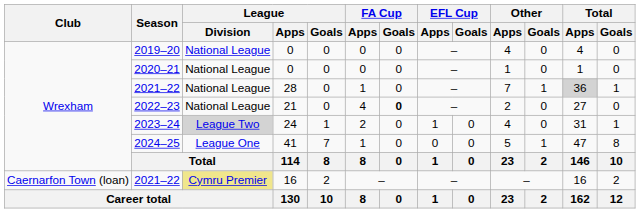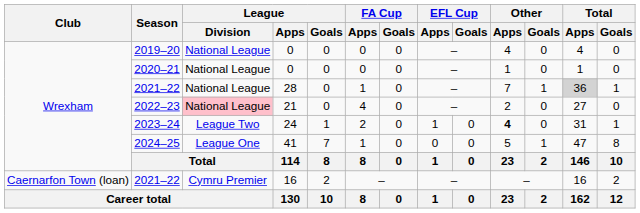 <table class="wikitable" style="text-align:center">
 <tr>
 <th rowspan="2">Club</th>
 <th rowspan="2">Season</th>
 <th colspan="3">League</th>
 <th colspan="2"><a href='#'>FA Cup</a></th>
 <th colspan="2"><a href='#'>EFL Cup</a></th>
 <th colspan="2">Other</th>
 <th colspan="2">Total</th>
 </tr>
 <tr>
 <th>Division</th>
 <th>Apps</th>
 <th>Goals</th>
 <th>Apps</th>
 <th>Goals</th>
 <th>Apps</th>
 <th>Goals</th>
 <th>Apps</th>
 <th>Goals</th>
 <th>Apps</th>
 <th>Goals</th>
 </tr>
 <tr>
 <td rowspan="7"><a href='#'>Wrexham</a></td>
 <td><a href='#'>2019–20</a></td>
 <td><a href='#'>National League</a></td>
 <td>0</td>
 <td>0</td>
 <td>0</td>
 <td>0</td>
 <td colspan="2">–</td>
 <td>4</td>
 <td>0</td>
 <td>4</td>
 <td>0</td>
 </tr>
 <tr>
 <td><a href='#'>2020–21</a></td>
 <td>National League</td>
 <td>0</td>
 <td>0</td>
 <td>0</td>
 <td>0</td>
 <td colspan="2">–</td>
 <td>1</td>
 <td>0</td>
 <td>1</td>
 <td>0</td>
 </tr>
 <tr>
 <td><a href='#'>2021–22</a></td>
 <td>National League</td>
 <td>28</td>
 <td>0</td>
 <td>1</td>
 <td>0</td>
 <td colspan="2">–</td>
 <td>7</td>
 <td>1</td>
 <td style="background: lightgrey;">36</td>
 <td>1</td>
 </tr>
 <tr>
 <td><a href='#'>2022–23</a></td>
-<td>National League</td>
+<td style="background: pink;">National League</td>
 <td>21</td>
 <td>0</td>
 <td>4</td>
-<td><strong>0</strong></td>
+<td>0</td>
 <td colspan="2">–</td>
 <td>2</td>
 <td>0</td>
 <td>27</td>
 <td>0</td>
 </tr>
 <tr>
 <td><a href='#'>2023–24</a></td>
-<td style="background: lightgrey;"><a href='#'>League Two</a></td>
+<td><a href='#'>League Two</a></td>
 <td>24</td>
 <td>1</td>
 <td>2</td>
 <td>0</td>
 <td>1</td>
 <td>0</td>
-<td>4</td>
+<td><strong>4</strong></td>
 <td>0</td>
 <td>31</td>
 <td>1</td>
 </tr>
 <tr>
 <td><a href='#'>2024–25</a></td>
 <td><a href='#'>League One</a></td>
 <td>41</td>
 <td>7</td>
 <td>1</td>
 <td>0</td>
 <td>0</td>
 <td>0</td>
 <td>5</td>
 <td>1</td>
 <td>47</td>
 <td>8</td>
 </tr>
 <tr>
 <th colspan="2">Total</th>
 <th>114</th>
 <th>8</th>
 <th>8</th>
 <th>0</th>
 <th>1</th>
 <th>0</th>
 <th>23</th>
 <th>2</th>
 <th>146</th>
 <th>10</th>
 </tr>
 <tr>
 <td><a href='#'>Caernarfon Town</a> (loan)</td>
 <td><a href='#'>2021–22</a></td>
-<td style="background: khaki;"><a href='#'>Cymru Premier</a></td>
+<td><a href='#'>Cymru Premier</a></td>
 <td>16</td>
 <td>2</td>
 <td colspan="2">–</td>
 <td colspan="2">–</td>
 <td colspan="2">–</td>
 <td>16</td>
 <td>2</td>
 </tr>
 <tr>
 <th colspan="3">Career total</th>
 <th>130</th>
 <th>10</th>
 <th>8</th>
 <th>0</th>
 <th>1</th>
 <th>0</th>
 <th>23</th>
 <th>2</th>
 <th>162</th>
 <th>12</th>
 </tr>
 </table>
